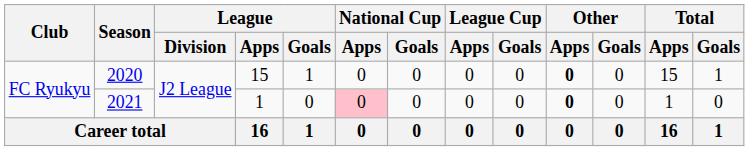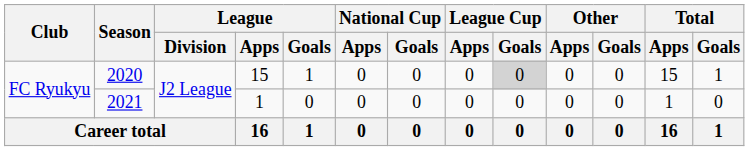 <table class="wikitable" style="text-align: center">
 <tr>
 <th rowspan="2">Club</th>
 <th rowspan="2">Season</th>
 <th colspan="3">League</th>
 <th colspan="2">National Cup</th>
 <th colspan="2">League Cup</th>
 <th colspan="2">Other</th>
 <th colspan="2">Total</th>
 </tr>
 <tr>
 <th>Division</th>
 <th>Apps</th>
 <th>Goals</th>
 <th>Apps</th>
 <th>Goals</th>
 <th>Apps</th>
 <th>Goals</th>
 <th>Apps</th>
 <th>Goals</th>
 <th>Apps</th>
 <th>Goals</th>
 </tr>
 <tr>
 <td rowspan="2"><a href='#'>FC Ryukyu</a></td>
 <td><a href='#'>2020</a></td>
 <td rowspan="2"><a href='#'>J2 League</a></td>
 <td>15</td>
 <td>1</td>
 <td>0</td>
 <td>0</td>
 <td>0</td>
+<td style="background: lightgrey;">0</td>
 <td>0</td>
-<td><strong>0</strong></td>
 <td>0</td>
 <td>15</td>
 <td>1</td>
 </tr>
 <tr>
 <td><a href='#'>2021</a></td>
 <td>1</td>
 <td>0</td>
-<td style="background: pink;">0</td>
 <td>0</td>
 <td>0</td>
 <td>0</td>
-<td><strong>0</strong></td>
+<td>0</td>
+<td>0</td>
 <td>0</td>
 <td>1</td>
 <td>0</td>
 </tr>
 <tr>
 <th colspan=3>Career total</th>
 <th>16</th>
 <th>1</th>
 <th>0</th>
 <th>0</th>
 <th>0</th>
 <th>0</th>
 <th>0</th>
 <th>0</th>
 <th>16</th>
 <th>1</th>
 </tr>
 </table>
